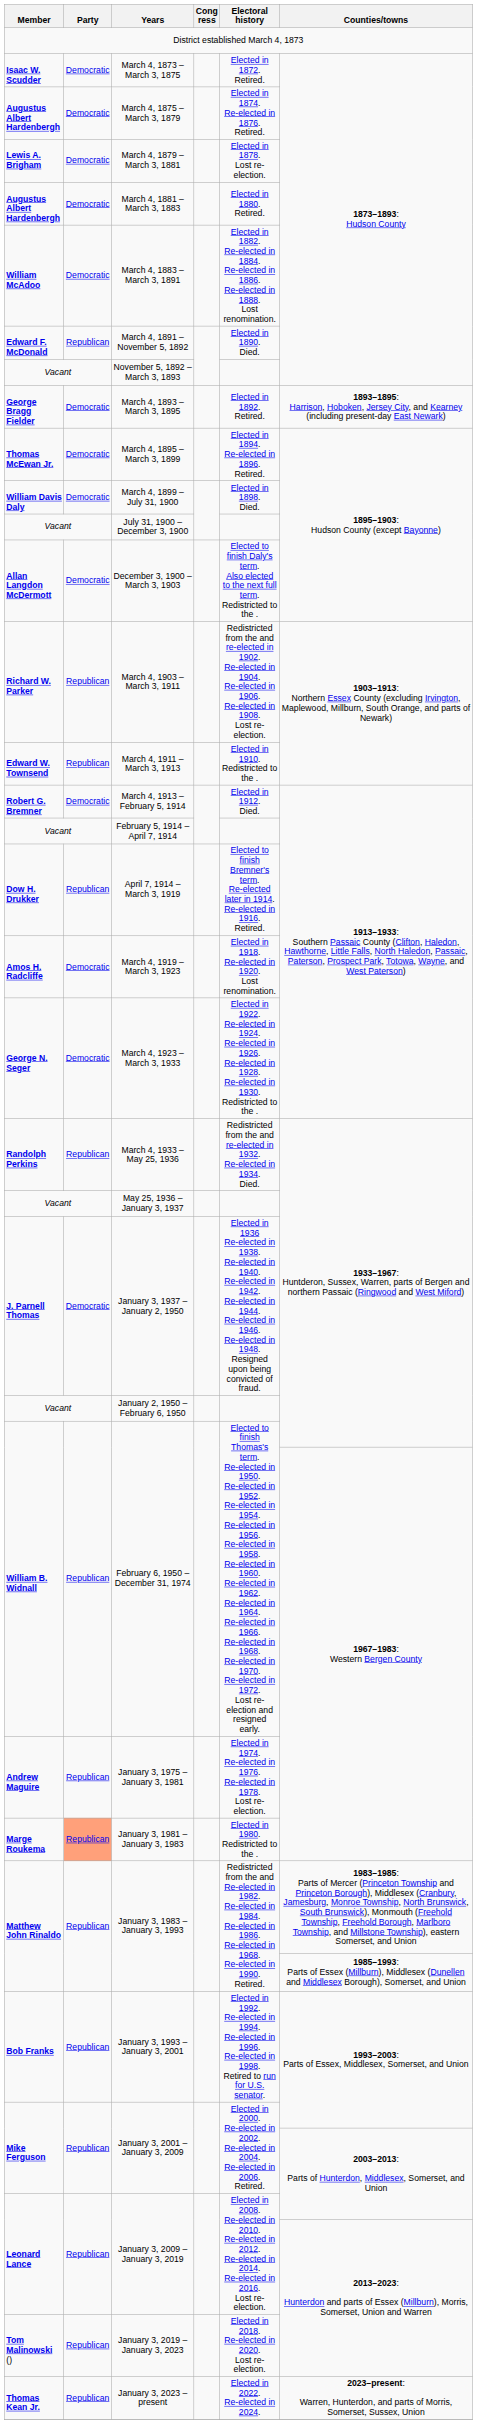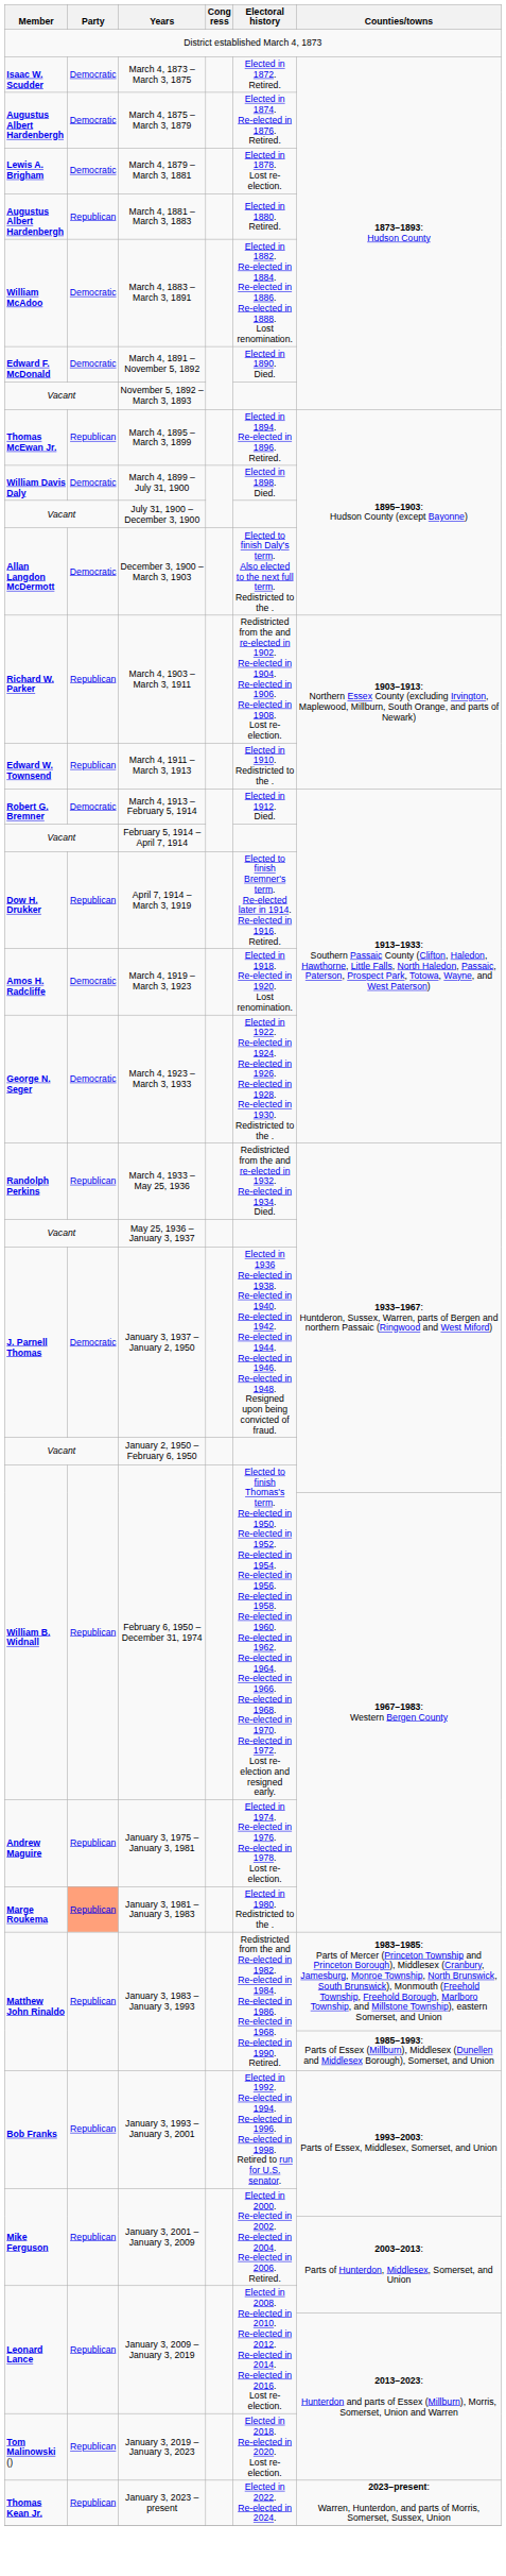 <table class=wikitable style="text-align:center">
 <tr valign=bottom>
 <th>Member<br></th>
 <th>Party</th>
 <th>Years</th>
 <th>Cong<br>ress</th>
 <th>Electoral history</th>
 <th width=350>Counties/towns</th>
 </tr>
 <tr style="height:3em">
 <td colspan=6>District established March 4, 1873</td>
 </tr>
 <tr style="height:3em">
 <td align=left><br><strong><a href='#'>Isaac W. Scudder</a></strong><br></td>
 <td><a href='#'>Democratic</a></td>
 <td nowrap>March 4, 1873 –<br>March 3, 1875</td>
 <td></td>
 <td><a href='#'>Elected in 1872</a>.<br>Retired.</td>
 <td rowspan=7><strong>1873–1893</strong>:<br><a href='#'>Hudson County</a></td>
 </tr>
 <tr style="height:3em">
 <td align=left><br><strong><a href='#'>Augustus Albert Hardenbergh</a></strong><br></td>
 <td><a href='#'>Democratic</a></td>
 <td nowrap>March 4, 1875 –<br>March 3, 1879</td>
 <td></td>
 <td><a href='#'>Elected in 1874</a>.<br><a href='#'>Re-elected in 1876</a>.<br>Retired.</td>
 </tr>
 <tr style="height:3em">
 <td align=left><strong><a href='#'>Lewis A. Brigham</a></strong><br></td>
 <td><a href='#'>Democratic</a></td>
 <td nowrap>March 4, 1879 –<br>March 3, 1881</td>
 <td></td>
 <td><a href='#'>Elected in 1878</a>.<br>Lost re-election.</td>
 </tr>
 <tr style="height:3em">
 <td align=left><br><strong><a href='#'>Augustus Albert Hardenbergh</a></strong><br></td>
-<td><a href='#'>Democratic</a></td>
+<td><a href='#'>Republican</a></td>
 <td nowrap>March 4, 1881 –<br>March 3, 1883</td>
 <td></td>
 <td><a href='#'>Elected in 1880</a>.<br>Retired.</td>
 </tr>
 <tr style="height:3em">
 <td align=left><br><strong><a href='#'>William McAdoo</a></strong><br></td>
 <td><a href='#'>Democratic</a></td>
 <td nowrap>March 4, 1883 –<br>March 3, 1891</td>
 <td></td>
 <td><a href='#'>Elected in 1882</a>.<br><a href='#'>Re-elected in 1884</a>.<br><a href='#'>Re-elected in 1886</a>.<br><a href='#'>Re-elected in 1888</a>.<br>Lost renomination.</td>
 </tr>
 <tr style="height:3em">
 <td align=left><br><strong><a href='#'>Edward F. McDonald</a></strong><br></td>
-<td><a href='#'>Republican</a></td>
+<td><a href='#'>Democratic</a></td>
 <td nowrap>March 4, 1891 –<br>November 5, 1892</td>
 <td rowspan=2></td>
 <td><a href='#'>Elected in 1890</a>.<br>Died.</td>
 </tr>
 <tr style="height:3em">
 <td colspan=2><em>Vacant</em></td>
 <td nowrap>November 5, 1892 –<br>March 3, 1893</td>
 </tr>
 <tr style="height:3em">
-<td align=left><br><strong><a href='#'>George Bragg Fielder</a></strong><br></td>
-<td><a href='#'>Democratic</a></td>
-<td nowrap>March 4, 1893 –<br>March 3, 1895</td>
-<td></td>
-<td><a href='#'>Elected in 1892</a>.<br>Retired.</td>
-<td><strong>1893–1895</strong>:<br><a href='#'>Harrison</a>, <a href='#'>Hoboken</a>, <a href='#'>Jersey City</a>, and <a href='#'>Kearney</a> (including present-day <a href='#'>East Newark</a>)</td>
-</tr>
-<tr style="height:3em">
 <td align=left><br><strong><a href='#'>Thomas McEwan Jr.</a></strong><br></td>
-<td><a href='#'>Democratic</a></td>
+<td><a href='#'>Republican</a></td>
 <td nowrap>March 4, 1895 –<br>March 3, 1899</td>
 <td></td>
 <td><a href='#'>Elected in 1894</a>.<br><a href='#'>Re-elected in 1896</a>.<br>Retired.</td>
 <td rowspan=4><strong>1895–1903</strong>:<br>Hudson County (except <a href='#'>Bayonne</a>)</td>
 </tr>
 <tr style="height:3em">
 <td align=left><br><strong><a href='#'>William Davis Daly</a></strong><br></td>
 <td><a href='#'>Democratic</a></td>
 <td nowrap>March 4, 1899 –<br>July 31, 1900</td>
 <td rowspan=2></td>
 <td><a href='#'>Elected in 1898</a>.<br>Died.</td>
 </tr>
 <tr style="height:3em">
 <td colspan=2><em>Vacant</em></td>
 <td nowrap>July 31, 1900 –<br>December 3, 1900</td>
 </tr>
 <tr style="height:3em">
 <td align=left><br><strong><a href='#'>Allan Langdon McDermott</a></strong><br></td>
 <td><a href='#'>Democratic</a></td>
 <td nowrap>December 3, 1900 –<br>March 3, 1903</td>
 <td></td>
 <td><a href='#'>Elected to finish Daly's term</a>.<br><a href='#'>Also elected to the next full term</a>.<br>Redistricted to the .</td>
 </tr>
 <tr style="height:3em">
 <td align=left><br><strong><a href='#'>Richard W. Parker</a></strong><br></td>
 <td><a href='#'>Republican</a></td>
 <td nowrap>March 4, 1903 –<br>March 3, 1911</td>
 <td></td>
 <td>Redistricted from the  and <a href='#'>re-elected in 1902</a>.<br><a href='#'>Re-elected in 1904</a>.<br><a href='#'>Re-elected in 1906</a>.<br><a href='#'>Re-elected in 1908</a>.<br>Lost re-election.</td>
 <td rowspan=2><strong>1903–1913</strong>:<br>Northern <a href='#'>Essex</a> County (excluding <a href='#'>Irvington</a>, Maplewood, Millburn, South Orange, and parts of Newark)</td>
 </tr>
 <tr style="height:3em">
 <td align=left><br><strong><a href='#'>Edward W. Townsend</a></strong><br></td>
 <td><a href='#'>Republican</a></td>
 <td nowrap>March 4, 1911 –<br>March 3, 1913</td>
 <td></td>
 <td><a href='#'>Elected in 1910</a>.<br>Redistricted to the .</td>
 </tr>
 <tr style="height:3em">
 <td align=left><br><strong><a href='#'>Robert G. Bremner</a></strong><br></td>
 <td><a href='#'>Democratic</a></td>
 <td nowrap>March 4, 1913 –<br>February 5, 1914</td>
 <td rowspan=2></td>
 <td><a href='#'>Elected in 1912</a>.<br>Died.</td>
 <td rowspan=5><strong>1913–1933</strong>:<br>Southern <a href='#'>Passaic</a> County (<a href='#'>Clifton</a>, <a href='#'>Haledon</a>, <a href='#'>Hawthorne</a>, <a href='#'>Little Falls</a>, <a href='#'>North Haledon</a>, <a href='#'>Passaic</a>, <a href='#'>Paterson</a>, <a href='#'>Prospect Park</a>, <a href='#'>Totowa</a>, <a href='#'>Wayne</a>, and <a href='#'>West Paterson</a>)</td>
 </tr>
 <tr style="height:3em">
 <td colspan=2><em>Vacant</em></td>
 <td nowrap>February 5, 1914 –<br>April 7, 1914</td>
 </tr>
 <tr style="height:3em">
 <td align=left><br><strong><a href='#'>Dow H. Drukker</a></strong><br></td>
 <td><a href='#'>Republican</a></td>
 <td nowrap>April 7, 1914 –<br>March 3, 1919</td>
 <td></td>
 <td><a href='#'>Elected to finish Bremner's term</a>.<br><a href='#'>Re-elected later in 1914</a>.<br><a href='#'>Re-elected in 1916</a>.<br>Retired.</td>
 </tr>
 <tr style="height:3em">
 <td align=left><br><strong><a href='#'>Amos H. Radcliffe</a></strong><br></td>
 <td><a href='#'>Democratic</a></td>
 <td nowrap>March 4, 1919 –<br>March 3, 1923</td>
 <td></td>
 <td><a href='#'>Elected in 1918</a>.<br><a href='#'>Re-elected in 1920</a>.<br>Lost renomination.</td>
 </tr>
 <tr style="height:3em">
 <td align=left><br><strong><a href='#'>George N. Seger</a></strong><br></td>
 <td><a href='#'>Democratic</a></td>
 <td nowrap>March 4, 1923 –<br>March 3, 1933</td>
 <td></td>
 <td><a href='#'>Elected in 1922</a>.<br><a href='#'>Re-elected in 1924</a>.<br><a href='#'>Re-elected in 1926</a>.<br><a href='#'>Re-elected in 1928</a>.<br><a href='#'>Re-elected in 1930</a>.<br>Redistricted to the .</td>
 </tr>
 <tr style="height:3em">
 <td align=left><br><strong><a href='#'>Randolph Perkins</a></strong><br></td>
 <td><a href='#'>Republican</a></td>
 <td nowrap>March 4, 1933 –<br>May 25, 1936</td>
 <td></td>
 <td>Redistricted from the  and <a href='#'>re-elected in 1932</a>.<br><a href='#'>Re-elected in 1934</a>.<br>Died.</td>
 <td rowspan=5><strong>1933–1967</strong>:<br>Huntderon, Sussex, Warren, parts of Bergen and northern Passaic (<a href='#'>Ringwood</a> and <a href='#'>West Miford</a>)</td>
 </tr>
 <tr style="height:3em">
 <td colspan=2><em>Vacant</em></td>
 <td nowrap>May 25, 1936 –<br>January 3, 1937</td>
 <td></td>
 </tr>
 <tr style="height:3em">
 <td align=left><br><strong><a href='#'>J. Parnell Thomas</a></strong><br></td>
 <td><a href='#'>Democratic</a></td>
 <td nowrap>January 3, 1937 –<br>January 2, 1950</td>
 <td></td>
 <td><a href='#'>Elected in 1936</a><br><a href='#'>Re-elected in 1938</a>.<br><a href='#'>Re-elected in 1940</a>.<br><a href='#'>Re-elected in 1942</a>.<br><a href='#'>Re-elected in 1944</a>.<br><a href='#'>Re-elected in 1946</a>.<br><a href='#'>Re-elected in 1948</a>.<br>Resigned upon being convicted of fraud.</td>
 </tr>
 <tr style="height:3em">
 <td colspan=2><em>Vacant</em></td>
 <td nowrap>January 2, 1950 –<br>February 6, 1950</td>
 <td></td>
 </tr>
 <tr style="height:3em">
 <td rowspan=2 align=left><br><strong><a href='#'>William B. Widnall</a></strong><br></td>
 <td rowspan=2 ><a href='#'>Republican</a></td>
 <td rowspan=2 nowrap>February 6, 1950 –<br>December 31, 1974</td>
 <td rowspan=2></td>
 <td rowspan=2><a href='#'>Elected to finish Thomas's term</a>.<br><a href='#'>Re-elected in 1950</a>.<br><a href='#'>Re-elected in 1952</a>.<br><a href='#'>Re-elected in 1954</a>.<br><a href='#'>Re-elected in 1956</a>.<br><a href='#'>Re-elected in 1958</a>.<br><a href='#'>Re-elected in 1960</a>.<br><a href='#'>Re-elected in 1962</a>.<br><a href='#'>Re-elected in 1964</a>.<br><a href='#'>Re-elected in 1966</a>.<br><a href='#'>Re-elected in 1968</a>.<br><a href='#'>Re-elected in 1970</a>.<br><a href='#'>Re-elected in 1972</a>.<br>Lost re-election and resigned early.</td>
 </tr>
 <tr style="height:3em">
 <td rowspan=3><strong>1967–1983</strong>:<br>Western <a href='#'>Bergen County</a></td>
 </tr>
 <tr style="height:3em">
 <td align=left><br><strong><a href='#'>Andrew Maguire</a></strong><br></td>
 <td><a href='#'>Republican</a></td>
 <td nowrap>January 3, 1975 –<br>January 3, 1981</td>
 <td></td>
 <td><a href='#'>Elected in 1974</a>.<br><a href='#'>Re-elected in 1976</a>.<br><a href='#'>Re-elected in 1978</a>.<br>Lost re-election.</td>
 </tr>
 <tr style="height:3em">
 <td align=left><br><strong><a href='#'>Marge Roukema</a></strong><br></td>
 <td style="background: lightsalmon;"><a href='#'>Republican</a></td>
 <td nowrap>January 3, 1981 –<br>January 3, 1983</td>
 <td></td>
 <td><a href='#'>Elected in 1980</a>.<br>Redistricted to the .</td>
 </tr>
 <tr style="height:3em">
 <td rowspan=2 align=left><br><strong><a href='#'>Matthew John Rinaldo</a></strong><br></td>
 <td rowspan=2 ><a href='#'>Republican</a></td>
 <td rowspan=2 nowrap>January 3, 1983 –<br>January 3, 1993</td>
 <td rowspan=2></td>
 <td rowspan=2>Redistricted from the  and <a href='#'>Re-elected in 1982</a>.<br><a href='#'>Re-elected in 1984</a>.<br><a href='#'>Re-elected in 1986</a>.<br><a href='#'>Re-elected in 1968</a>.<br><a href='#'>Re-elected in 1990</a>.<br>Retired.</td>
 <td><strong>1983–1985</strong>:<br>Parts of Mercer (<a href='#'>Princeton Township</a> and <a href='#'>Princeton Borough</a>), Middlesex (<a href='#'>Cranbury</a>, <a href='#'>Jamesburg</a>, <a href='#'>Monroe Township</a>, <a href='#'>North Brunswick</a>, <a href='#'>South Brunswick</a>), Monmouth (<a href='#'>Freehold Township</a>, <a href='#'>Freehold Borough</a>, <a href='#'>Marlboro Township</a>, and <a href='#'>Millstone Township</a>), eastern Somerset, and Union</td>
 </tr>
 <tr style="height:3em">
 <td><strong>1985–1993</strong>:<br>Parts of Essex (<a href='#'>Millburn</a>), Middlesex (<a href='#'>Dunellen</a> and <a href='#'>Middlesex</a> Borough), Somerset, and Union</td>
 </tr>
 <tr style="height:3em">
 <td align=left><br><strong><a href='#'>Bob Franks</a></strong><br></td>
 <td><a href='#'>Republican</a></td>
 <td nowrap>January 3, 1993 –<br>January 3, 2001</td>
 <td></td>
 <td><a href='#'>Elected in 1992</a>.<br><a href='#'>Re-elected in 1994</a>.<br><a href='#'>Re-elected in 1996</a>.<br><a href='#'>Re-elected in 1998</a>.<br>Retired to <a href='#'>run for U.S. senator</a>.</td>
 <td rowspan=2><strong>1993–2003</strong>:<br>Parts of Essex, Middlesex, Somerset, and Union</td>
 </tr>
 <tr style="height:3em">
 <td rowspan=2 align=left><br><strong><a href='#'>Mike Ferguson</a></strong><br></td>
 <td rowspan=2 ><a href='#'>Republican</a></td>
 <td rowspan=2 nowrap>January 3, 2001 –<br>January 3, 2009</td>
 <td rowspan=2></td>
 <td rowspan=2><a href='#'>Elected in 2000</a>.<br><a href='#'>Re-elected in 2002</a>.<br><a href='#'>Re-elected in 2004</a>.<br><a href='#'>Re-elected in 2006</a>.<br>Retired.</td>
 </tr>
 <tr style="height:3em">
 <td rowspan=2><strong>2003–2013</strong>:<br><br>Parts of <a href='#'>Hunterdon</a>, <a href='#'>Middlesex</a>, Somerset, and Union</td>
 </tr>
 <tr style="height:3em">
 <td rowspan=2 align=left><br><strong><a href='#'>Leonard Lance</a></strong><br></td>
 <td rowspan=2 ><a href='#'>Republican</a></td>
 <td rowspan=2 nowrap>January 3, 2009 –<br>January 3, 2019</td>
 <td rowspan=2></td>
 <td rowspan=2><a href='#'>Elected in 2008</a>.<br><a href='#'>Re-elected in 2010</a>.<br><a href='#'>Re-elected in 2012</a>.<br><a href='#'>Re-elected in 2014</a>.<br><a href='#'>Re-elected in 2016</a>.<br>Lost re-election.</td>
 </tr>
 <tr style="height:3em">
 <td rowspan=2><strong>2013–2023</strong>:<br><br><a href='#'>Hunterdon</a> and parts of Essex (<a href='#'>Millburn</a>), Morris, Somerset, Union and Warren</td>
 </tr>
 <tr style="height:3em">
 <td align=left><br><strong><a href='#'>Tom Malinowski</a></strong><br>()</td>
 <td><a href='#'>Republican</a></td>
 <td nowrap>January 3, 2019 –<br>January 3, 2023</td>
 <td></td>
 <td><a href='#'>Elected in 2018</a>.<br><a href='#'>Re-elected in 2020</a>. <br>Lost re-election.</td>
 </tr>
 <tr style="height:3em">
 <td align=left><br><strong><a href='#'>Thomas Kean Jr.</a></strong><br></td>
 <td><a href='#'>Republican</a></td>
 <td nowrap>January 3, 2023 –<br>present</td>
 <td></td>
 <td><a href='#'>Elected in 2022</a>.<br><a href='#'>Re-elected in 2024</a>.</td>
 <td><strong>2023–present</strong>:<br><br>Warren, Hunterdon, and parts of Morris, Somerset, Sussex, Union</td>
 </tr>
 <tr>
 </tr>
 </table>
